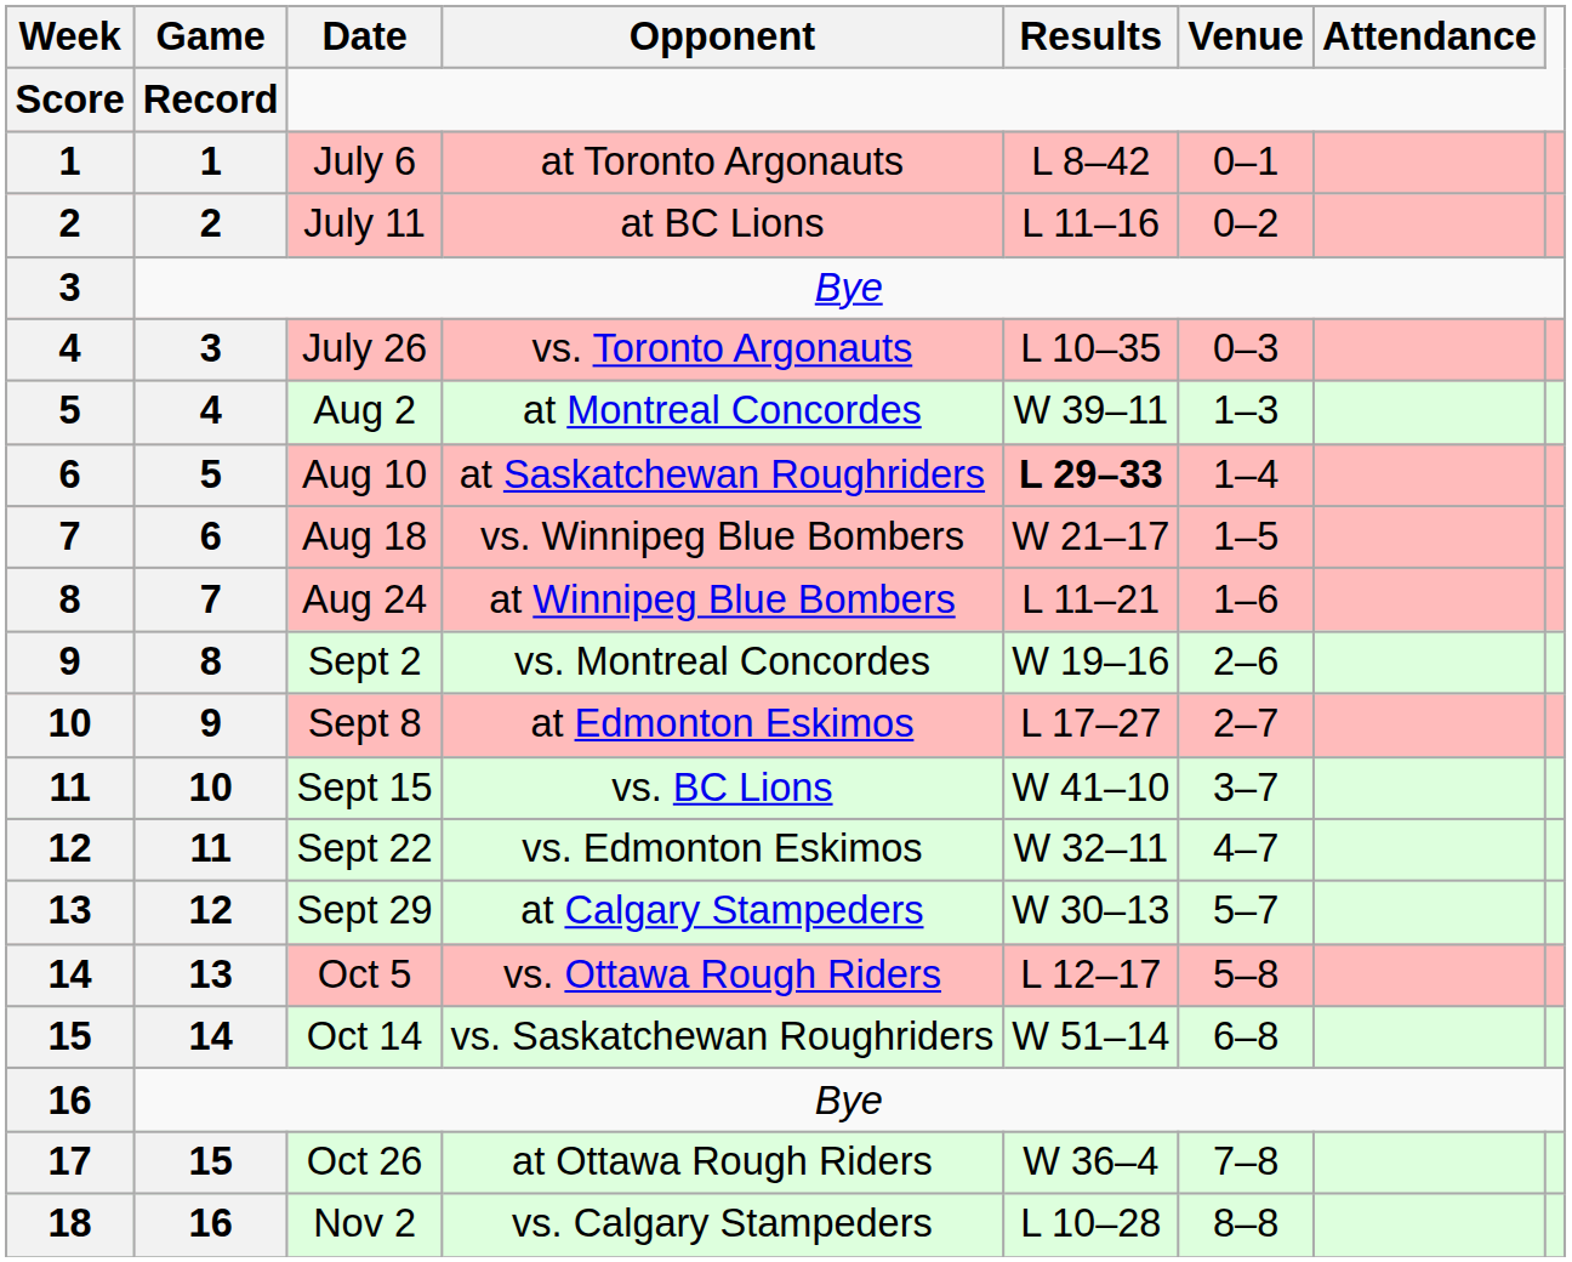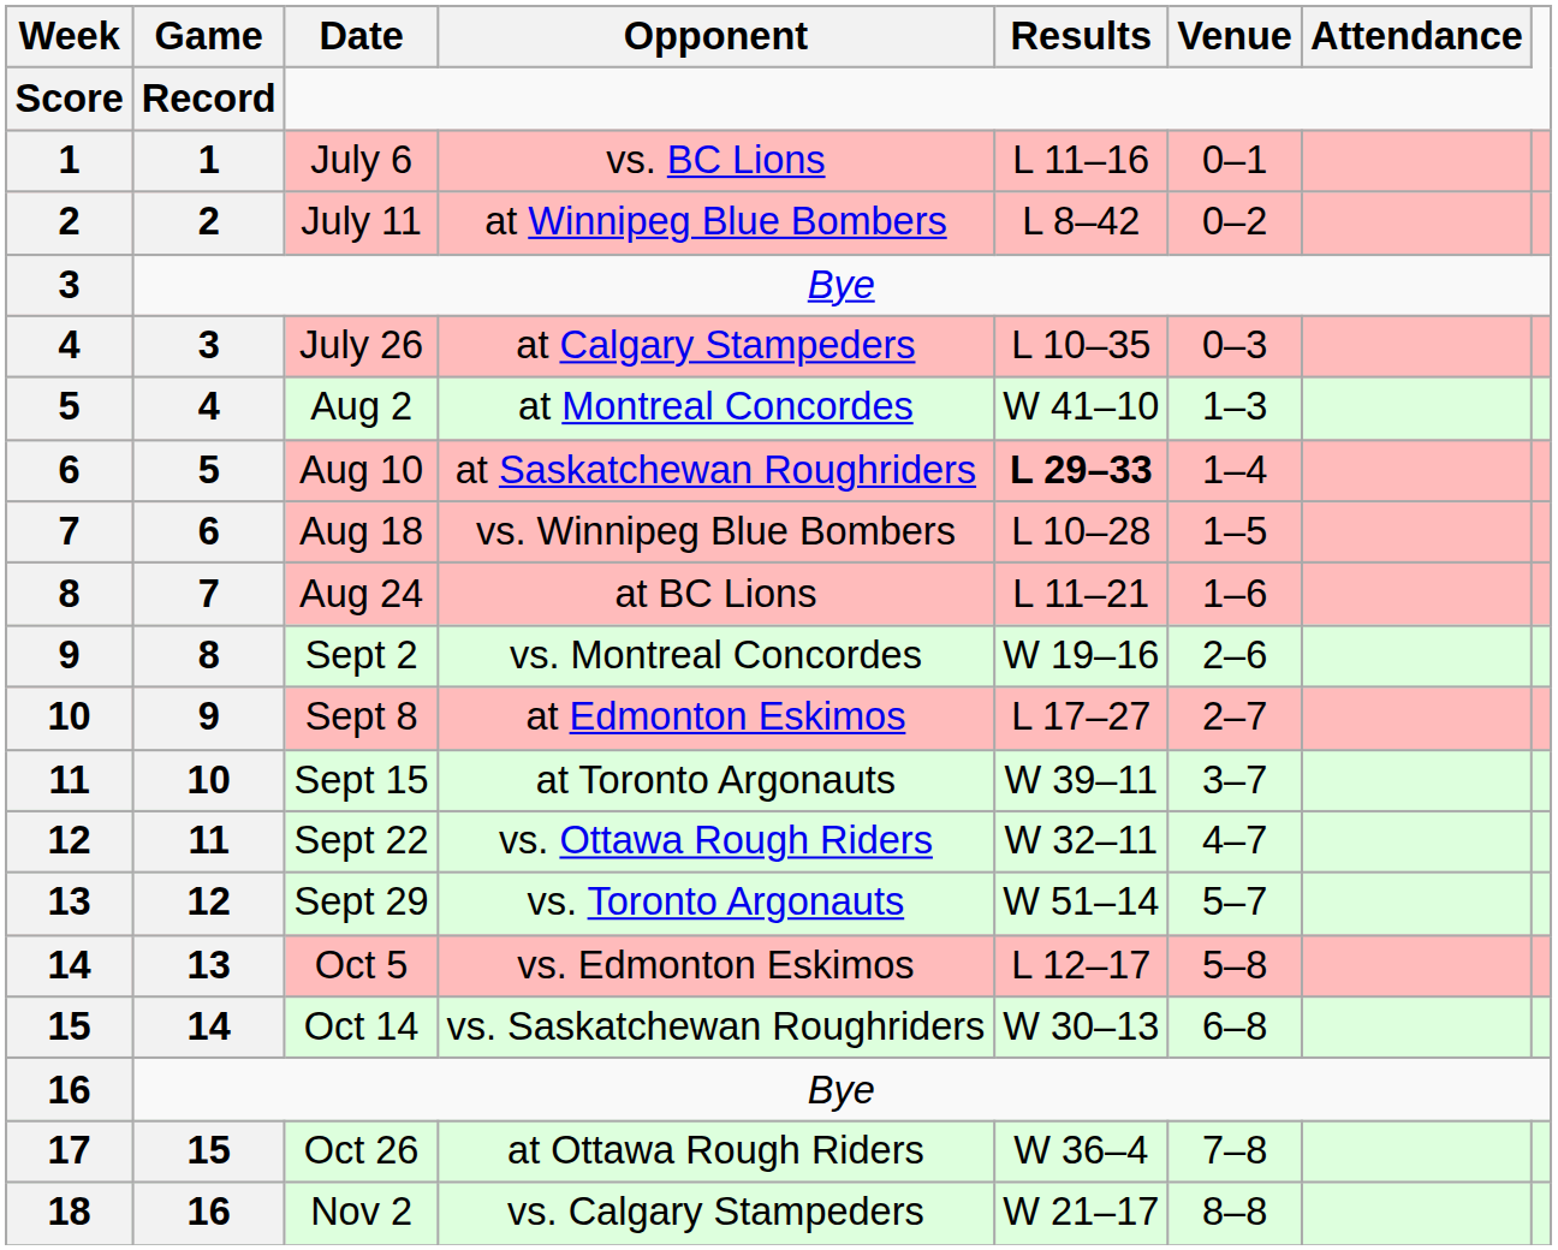 <table class="wikitable" style="text-align:center">
 <tr>
 <th>Week</th>
 <th>Game</th>
 <th>Date</th>
 <th>Opponent</th>
 <th>Results</th>
 <th>Venue</th>
 <th>Attendance</th>
 </tr>
 <tr>
 <th>Score</th>
 <th>Record</th>
 </tr>
 <tr style="background:#ffbbbb">
 <th>1</th>
 <th>1</th>
 <td>July 6</td>
-<td>at Toronto Argonauts</td>
-<td>L 8–42</td>
+<td>vs. <a href='#'>BC Lions</a></td>
+<td>L 11–16</td>
 <td>0–1</td>
 <td></td>
 <td></td>
 </tr>
 <tr style="background:#ffbbbb">
 <th>2</th>
 <th>2</th>
 <td>July 11</td>
-<td>at BC Lions</td>
-<td>L 11–16</td>
+<td>at <a href='#'>Winnipeg Blue Bombers</a></td>
+<td>L 8–42</td>
 <td>0–2</td>
 <td></td>
 <td></td>
 </tr>
 <tr>
 <th>3</th>
 <td colspan=7><em><a href='#'>Bye</a></em></td>
 </tr>
 <tr style="background:#ffbbbb">
 <th>4</th>
 <th>3</th>
 <td>July 26</td>
-<td>vs. <a href='#'>Toronto Argonauts</a></td>
+<td>at <a href='#'>Calgary Stampeders</a></td>
 <td>L 10–35</td>
 <td>0–3</td>
 <td></td>
 <td></td>
 </tr>
 <tr style="background:#ddffdd">
 <th>5</th>
 <th>4</th>
 <td>Aug 2</td>
 <td>at <a href='#'>Montreal Concordes</a></td>
-<td>W 39–11</td>
+<td>W 41–10</td>
 <td>1–3</td>
 <td></td>
 <td></td>
 </tr>
 <tr style="background:#ffbbbb">
 <th>6</th>
 <th>5</th>
 <td>Aug 10</td>
 <td>at <a href='#'>Saskatchewan Roughriders</a></td>
 <td><strong>L 29–33</strong></td>
 <td>1–4</td>
 <td></td>
 <td></td>
 </tr>
 <tr style="background:#ffbbbb">
 <th>7</th>
 <th>6</th>
 <td>Aug 18</td>
 <td>vs. Winnipeg Blue Bombers</td>
-<td>W 21–17</td>
+<td>L 10–28</td>
 <td>1–5</td>
 <td></td>
 <td></td>
 </tr>
 <tr style="background:#ffbbbb">
 <th>8</th>
 <th>7</th>
 <td>Aug 24</td>
-<td>at <a href='#'>Winnipeg Blue Bombers</a></td>
+<td>at BC Lions</td>
 <td>L 11–21</td>
 <td>1–6</td>
 <td></td>
 <td></td>
 </tr>
 <tr style="background:#ddffdd">
 <th>9</th>
 <th>8</th>
 <td>Sept 2</td>
 <td>vs. Montreal Concordes</td>
 <td>W 19–16</td>
 <td>2–6</td>
 <td></td>
 <td></td>
 </tr>
 <tr style="background:#ffbbbb">
 <th>10</th>
 <th>9</th>
 <td>Sept 8</td>
 <td>at <a href='#'>Edmonton Eskimos</a></td>
 <td>L 17–27</td>
 <td>2–7</td>
 <td></td>
 <td></td>
 </tr>
 <tr style="background:#ddffdd">
 <th>11</th>
 <th>10</th>
 <td>Sept 15</td>
-<td>vs. <a href='#'>BC Lions</a></td>
-<td>W 41–10</td>
+<td>at Toronto Argonauts</td>
+<td>W 39–11</td>
 <td>3–7</td>
 <td></td>
 <td></td>
 </tr>
 <tr style="background:#ddffdd">
 <th>12</th>
 <th>11</th>
 <td>Sept 22</td>
-<td>vs. Edmonton Eskimos</td>
+<td>vs. <a href='#'>Ottawa Rough Riders</a></td>
 <td>W 32–11</td>
 <td>4–7</td>
 <td></td>
 <td></td>
 </tr>
 <tr style="background:#ddffdd">
 <th>13</th>
 <th>12</th>
 <td>Sept 29</td>
-<td>at <a href='#'>Calgary Stampeders</a></td>
-<td>W 30–13</td>
+<td>vs. <a href='#'>Toronto Argonauts</a></td>
+<td>W 51–14</td>
 <td>5–7</td>
 <td></td>
 <td></td>
 </tr>
 <tr style="background:#ffbbbb">
 <th>14</th>
 <th>13</th>
 <td>Oct 5</td>
-<td>vs. <a href='#'>Ottawa Rough Riders</a></td>
+<td>vs. Edmonton Eskimos</td>
 <td>L 12–17</td>
 <td>5–8</td>
 <td></td>
 <td></td>
 </tr>
 <tr style="background:#ddffdd">
 <th>15</th>
 <th>14</th>
 <td>Oct 14</td>
 <td>vs. Saskatchewan Roughriders</td>
-<td>W 51–14</td>
+<td>W 30–13</td>
 <td>6–8</td>
 <td></td>
 <td></td>
 </tr>
 <tr>
 <th>16</th>
 <td colspan=7><em>Bye</em></td>
 </tr>
 <tr style="background:#ddffdd">
 <th>17</th>
 <th>15</th>
 <td>Oct 26</td>
 <td>at Ottawa Rough Riders</td>
 <td>W 36–4</td>
 <td>7–8</td>
 <td></td>
 <td></td>
 </tr>
 <tr style="background:#ddffdd">
 <th>18</th>
 <th>16</th>
 <td>Nov 2</td>
 <td>vs. Calgary Stampeders</td>
-<td>L 10–28</td>
+<td>W 21–17</td>
 <td>8–8</td>
 <td></td>
 <td></td>
 </tr>
 </table>
